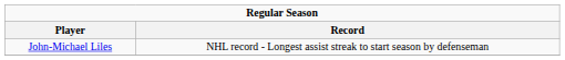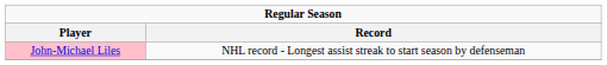 <table class="wikitable" width="65%" style="text-align:center">
 <tr>
 <td colspan="10" align="center"><strong>Regular Season</strong></td>
 </tr>
 <tr align="center" bgcolor="#dddddd">
 <th>Player</th>
 <th>Record</th>
 </tr>
 <tr>
-<td><a href='#'>John-Michael Liles</a></td>
+<td style="background: pink;"><a href='#'>John-Michael Liles</a></td>
 <td>NHL record - Longest assist streak to start season by defenseman</td>
 </tr>
 <tr>
 </tr>
 </table>
